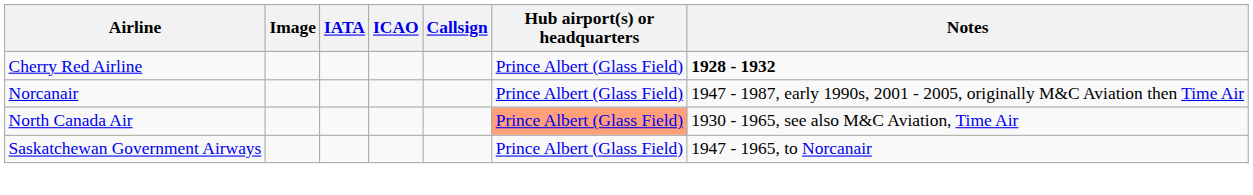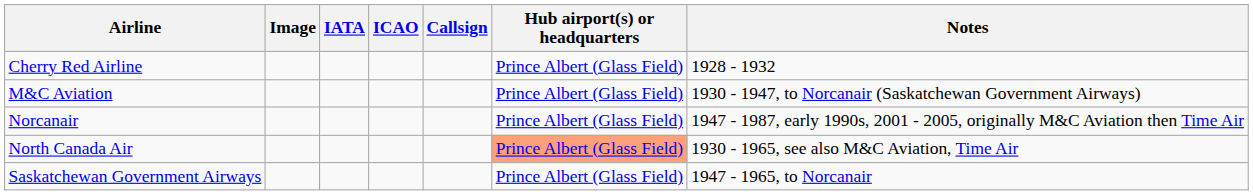 <table class="wikitable sortable" style="border: 0; cellpadding: 2; cellspacing: 3;">
 <tr style="vertical-align:middle;">
 <th>Airline</th>
 <th>Image</th>
 <th><a href='#'>IATA</a></th>
 <th><a href='#'>ICAO</a></th>
 <th><a href='#'>Callsign</a></th>
 <th>Hub airport(s) or<br>headquarters</th>
 <th class="unsortable">Notes</th>
 </tr>
 <tr>
 <td><a href='#'>Cherry Red Airline</a></td>
 <td></td>
 <td></td>
 <td></td>
 <td></td>
 <td><a href='#'>Prince Albert (Glass Field)</a></td>
-<td><strong>1928 - 1932</strong></td>
+<td>1928 - 1932</td>
+</tr>
+<tr>
+<td><a href='#'>M&C Aviation</a></td>
+<td></td>
+<td></td>
+<td></td>
+<td></td>
+<td><a href='#'>Prince Albert (Glass Field)</a></td>
+<td>1930 - 1947, to <a href='#'>Norcanair</a> (Saskatchewan Government Airways)</td>
 </tr>
 <tr>
 <td><a href='#'>Norcanair</a></td>
 <td></td>
 <td></td>
 <td></td>
 <td></td>
 <td><a href='#'>Prince Albert (Glass Field)</a></td>
 <td>1947 - 1987, early 1990s, 2001 - 2005, originally M&C Aviation then <a href='#'>Time Air</a></td>
 </tr>
 <tr>
 <td><a href='#'>North Canada Air</a></td>
 <td></td>
 <td></td>
 <td></td>
 <td></td>
 <td style="background: lightsalmon;"><a href='#'>Prince Albert (Glass Field)</a></td>
 <td>1930 - 1965, see also M&C Aviation, <a href='#'>Time Air</a></td>
 </tr>
 <tr>
 <td><a href='#'>Saskatchewan Government Airways</a></td>
 <td></td>
 <td></td>
 <td></td>
 <td></td>
 <td><a href='#'>Prince Albert (Glass Field)</a></td>
 <td>1947 - 1965, to <a href='#'>Norcanair</a></td>
 </tr>
 </table>
